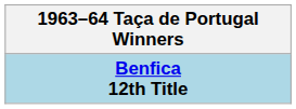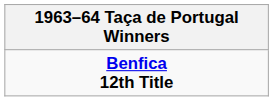 <table class="wikitable" style="text-align: center; margin: 0 auto; width: 20%">
 <tr>
 <th>1963–64 Taça de Portugal Winners</th>
 </tr>
 <tr>
-<td style="background: lightblue;"><strong><a href='#'>Benfica</a></strong><br><strong>12th Title</strong></td>
+<td><strong><a href='#'>Benfica</a></strong><br><strong>12th Title</strong></td>
 </tr>
 </table>
